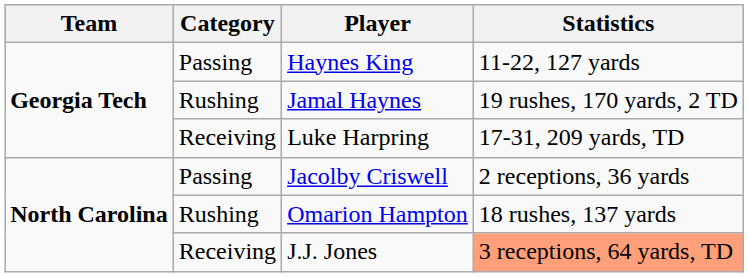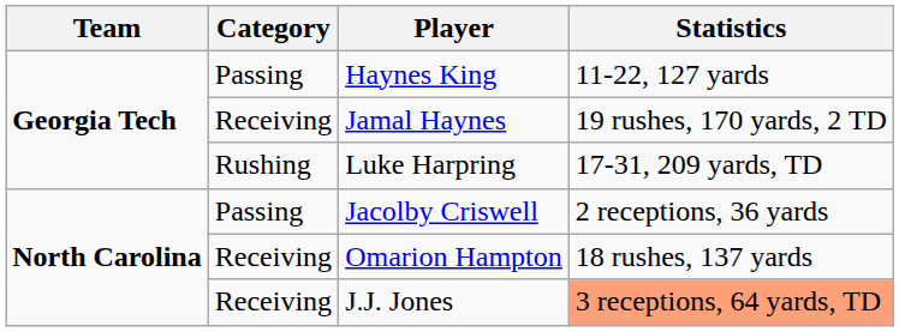 <table class="wikitable" style="float: right;">
 <tr>
 <th>Team</th>
 <th>Category</th>
 <th>Player</th>
 <th>Statistics</th>
 </tr>
 <tr>
 <td rowspan=3><strong>Georgia Tech</strong></td>
 <td>Passing</td>
 <td><a href='#'>Haynes King</a></td>
 <td>11-22, 127 yards</td>
 </tr>
 <tr>
-<td>Rushing</td>
+<td>Receiving</td>
 <td><a href='#'>Jamal Haynes</a></td>
 <td>19 rushes, 170 yards, 2 TD</td>
 </tr>
 <tr>
-<td>Receiving</td>
+<td>Rushing</td>
 <td>Luke Harpring</td>
 <td>17-31, 209 yards, TD</td>
 </tr>
 <tr>
 <td rowspan=3><strong>North Carolina</strong></td>
 <td>Passing</td>
 <td><a href='#'>Jacolby Criswell</a></td>
 <td>2 receptions, 36 yards</td>
 </tr>
 <tr>
-<td>Rushing</td>
+<td>Receiving</td>
 <td><a href='#'>Omarion Hampton</a></td>
 <td>18 rushes, 137 yards</td>
 </tr>
 <tr>
 <td>Receiving</td>
 <td>J.J. Jones</td>
 <td style="background: lightsalmon;">3 receptions, 64 yards, TD</td>
 </tr>
 </table>
